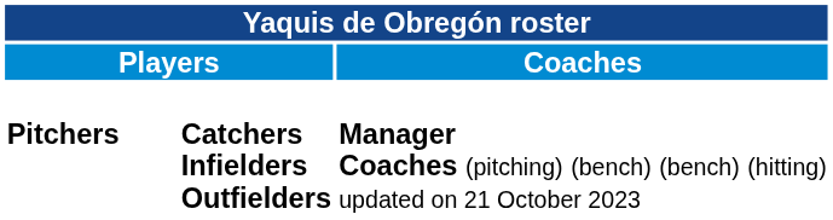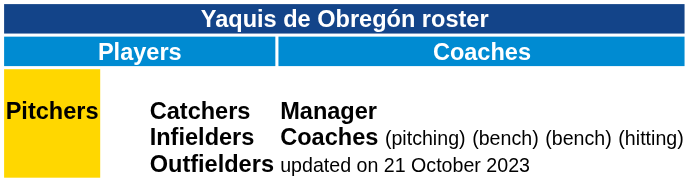 <table class="toccolours" style="font-size: 95%;">
 <tr>
 <th colspan="10" style="background-color: #134489; color: #FFFFFF; text-align: center;"><strong>Yaquis de Obregón roster</strong></th>
 </tr>
 <tr>
 <td colspan="3" style="background-color: #008BD2; color: #FFFFFF; text-align: center;"><strong>Players</strong></td>
 <td colspan="2" style="background-color: #008BD2; color: #FFFFFF; text-align: center;"><strong>Coaches</strong></td>
 </tr>
 <tr>
-<td style="vertical-align:top;text-align:left;"><br><strong>Pitchers</strong>               </td>
+<td style="background: gold; vertical-align:top;text-align:left;"><br><strong>Pitchers</strong>               </td>
 <td width="25px"></td>
 <td style="vertical-align:top;text-align:left;"><br><strong>Catchers</strong>   <br><strong>Infielders</strong>        <br><strong>Outfielders</strong>    </td>
 <td style="vertical-align:top;text-align:left;"><br><strong>Manager</strong> <br><strong>Coaches</strong>  <small>(pitching)</small>  <small>(bench)</small>  <small>(bench)</small>  <small>(hitting)</small><br><small><span></span> updated on 21 October 2023</small></td>
 </tr>
 </table>
